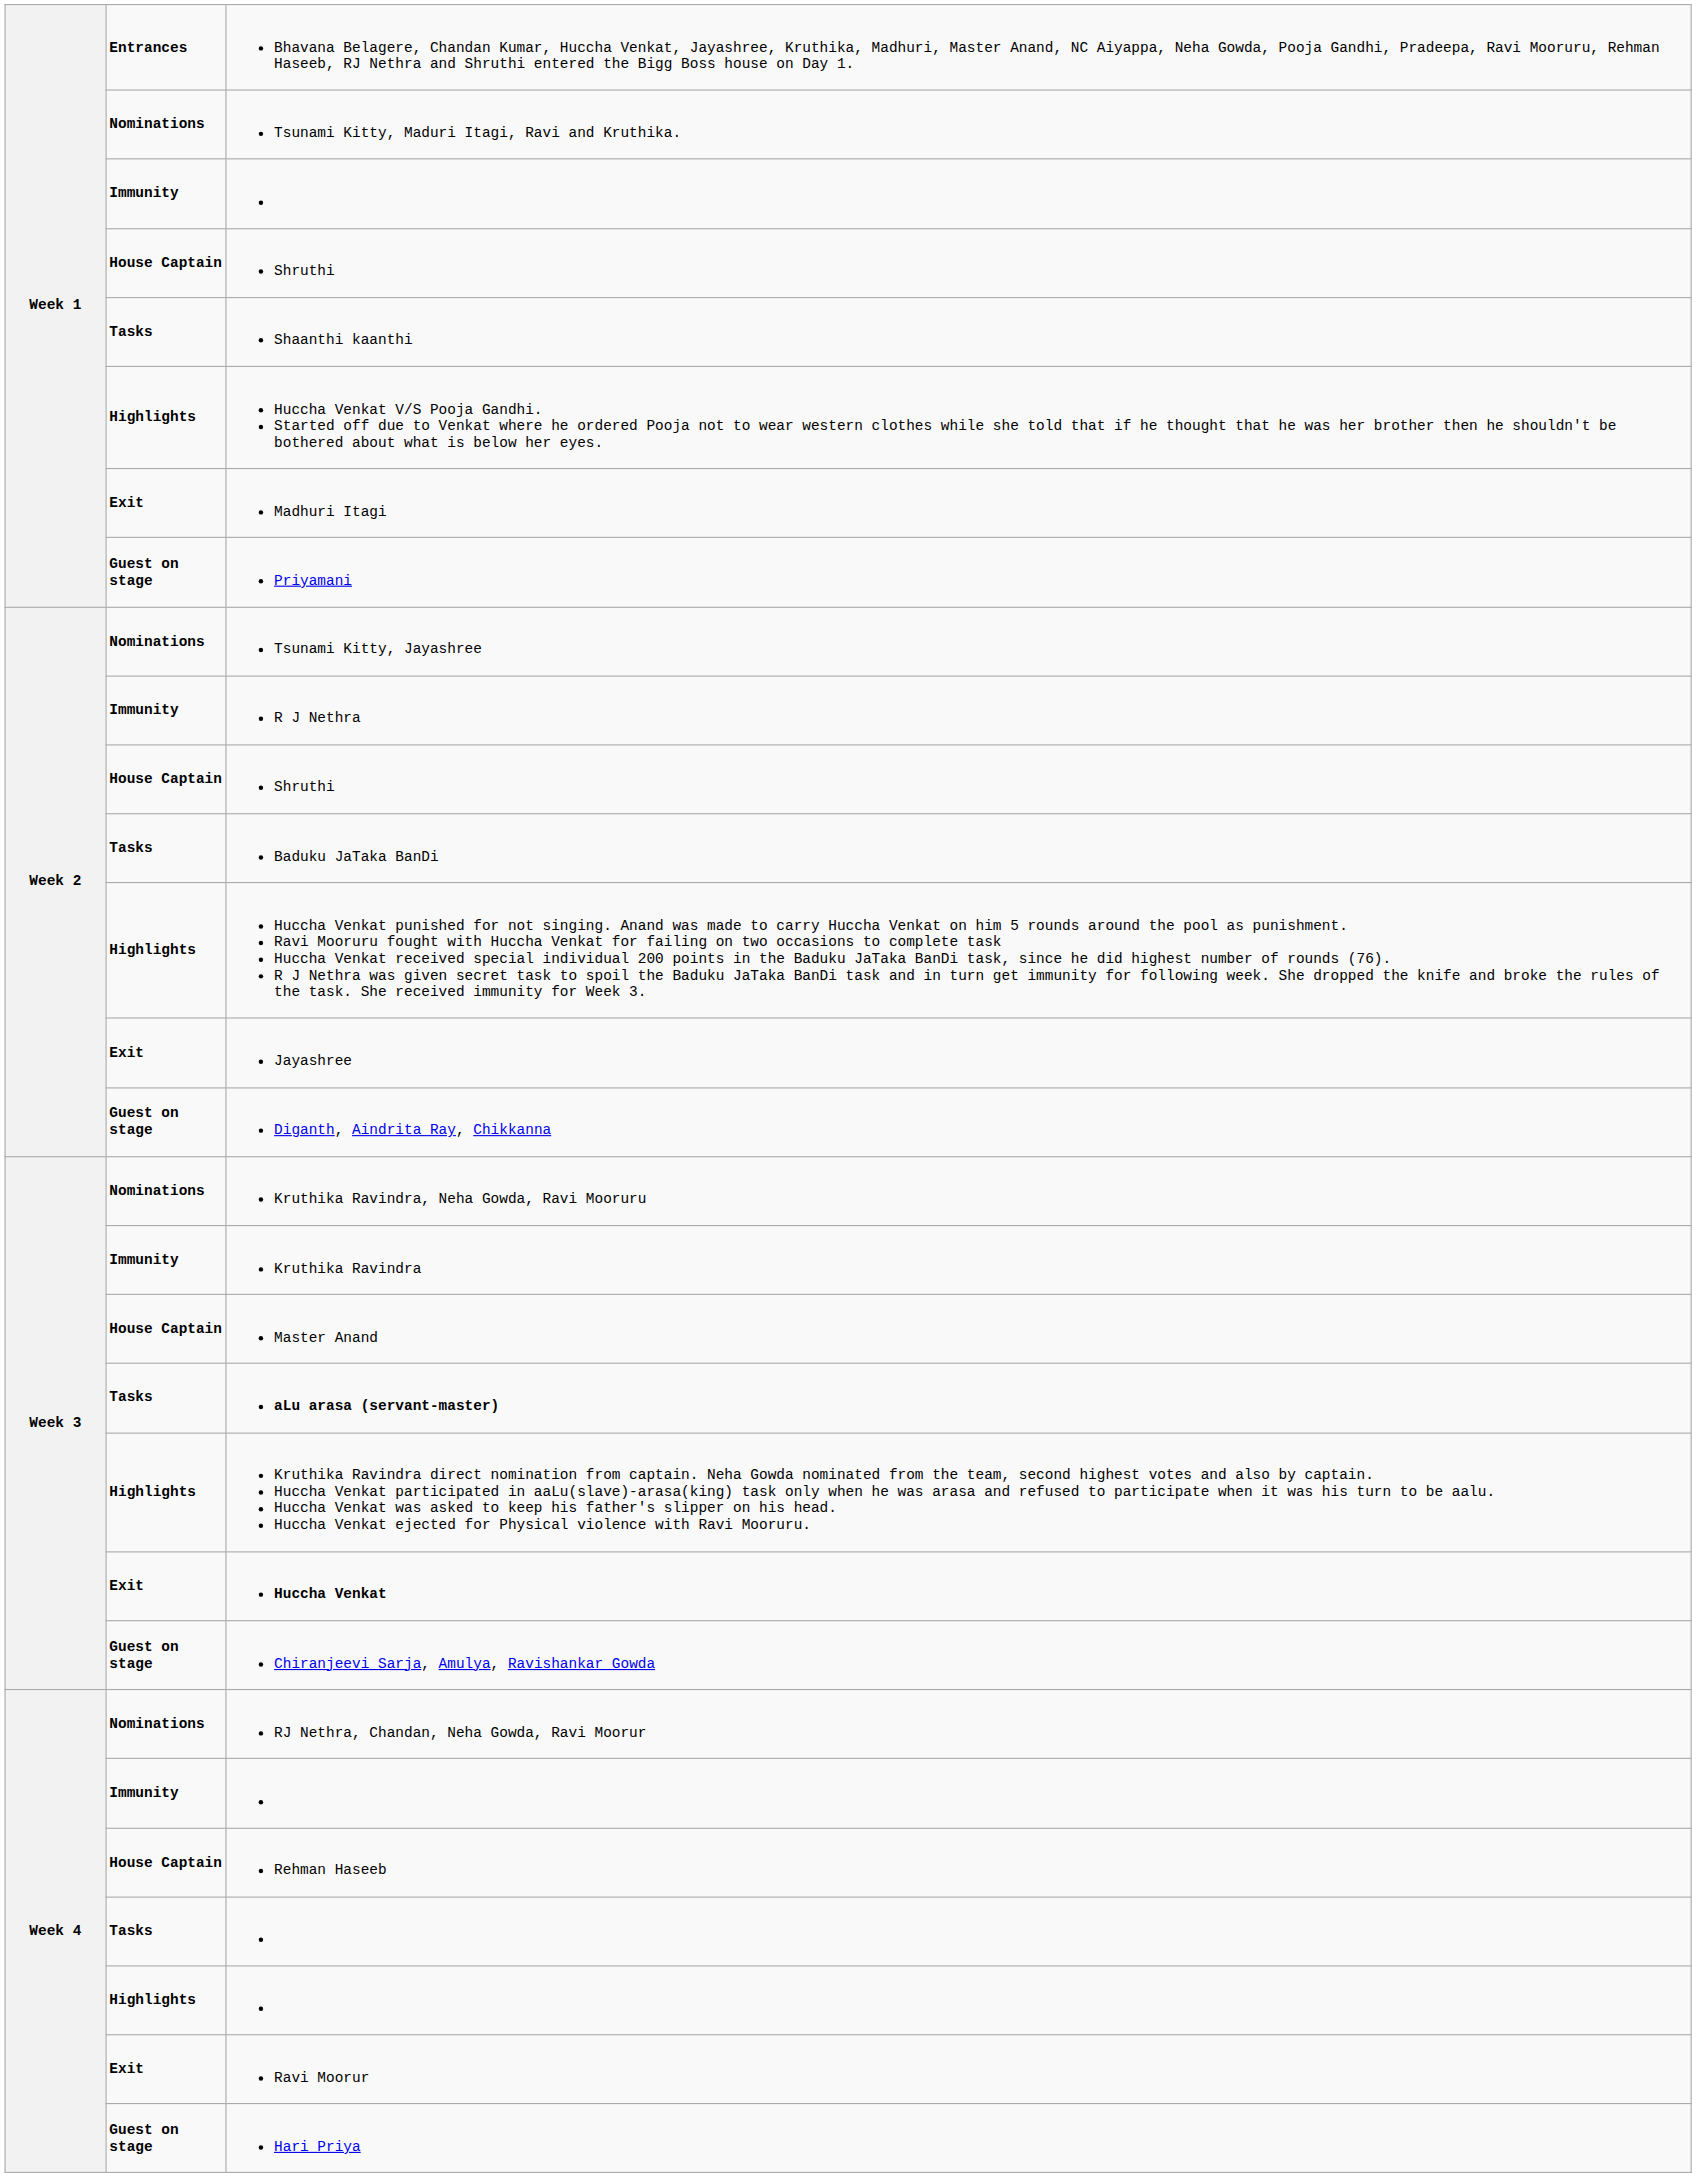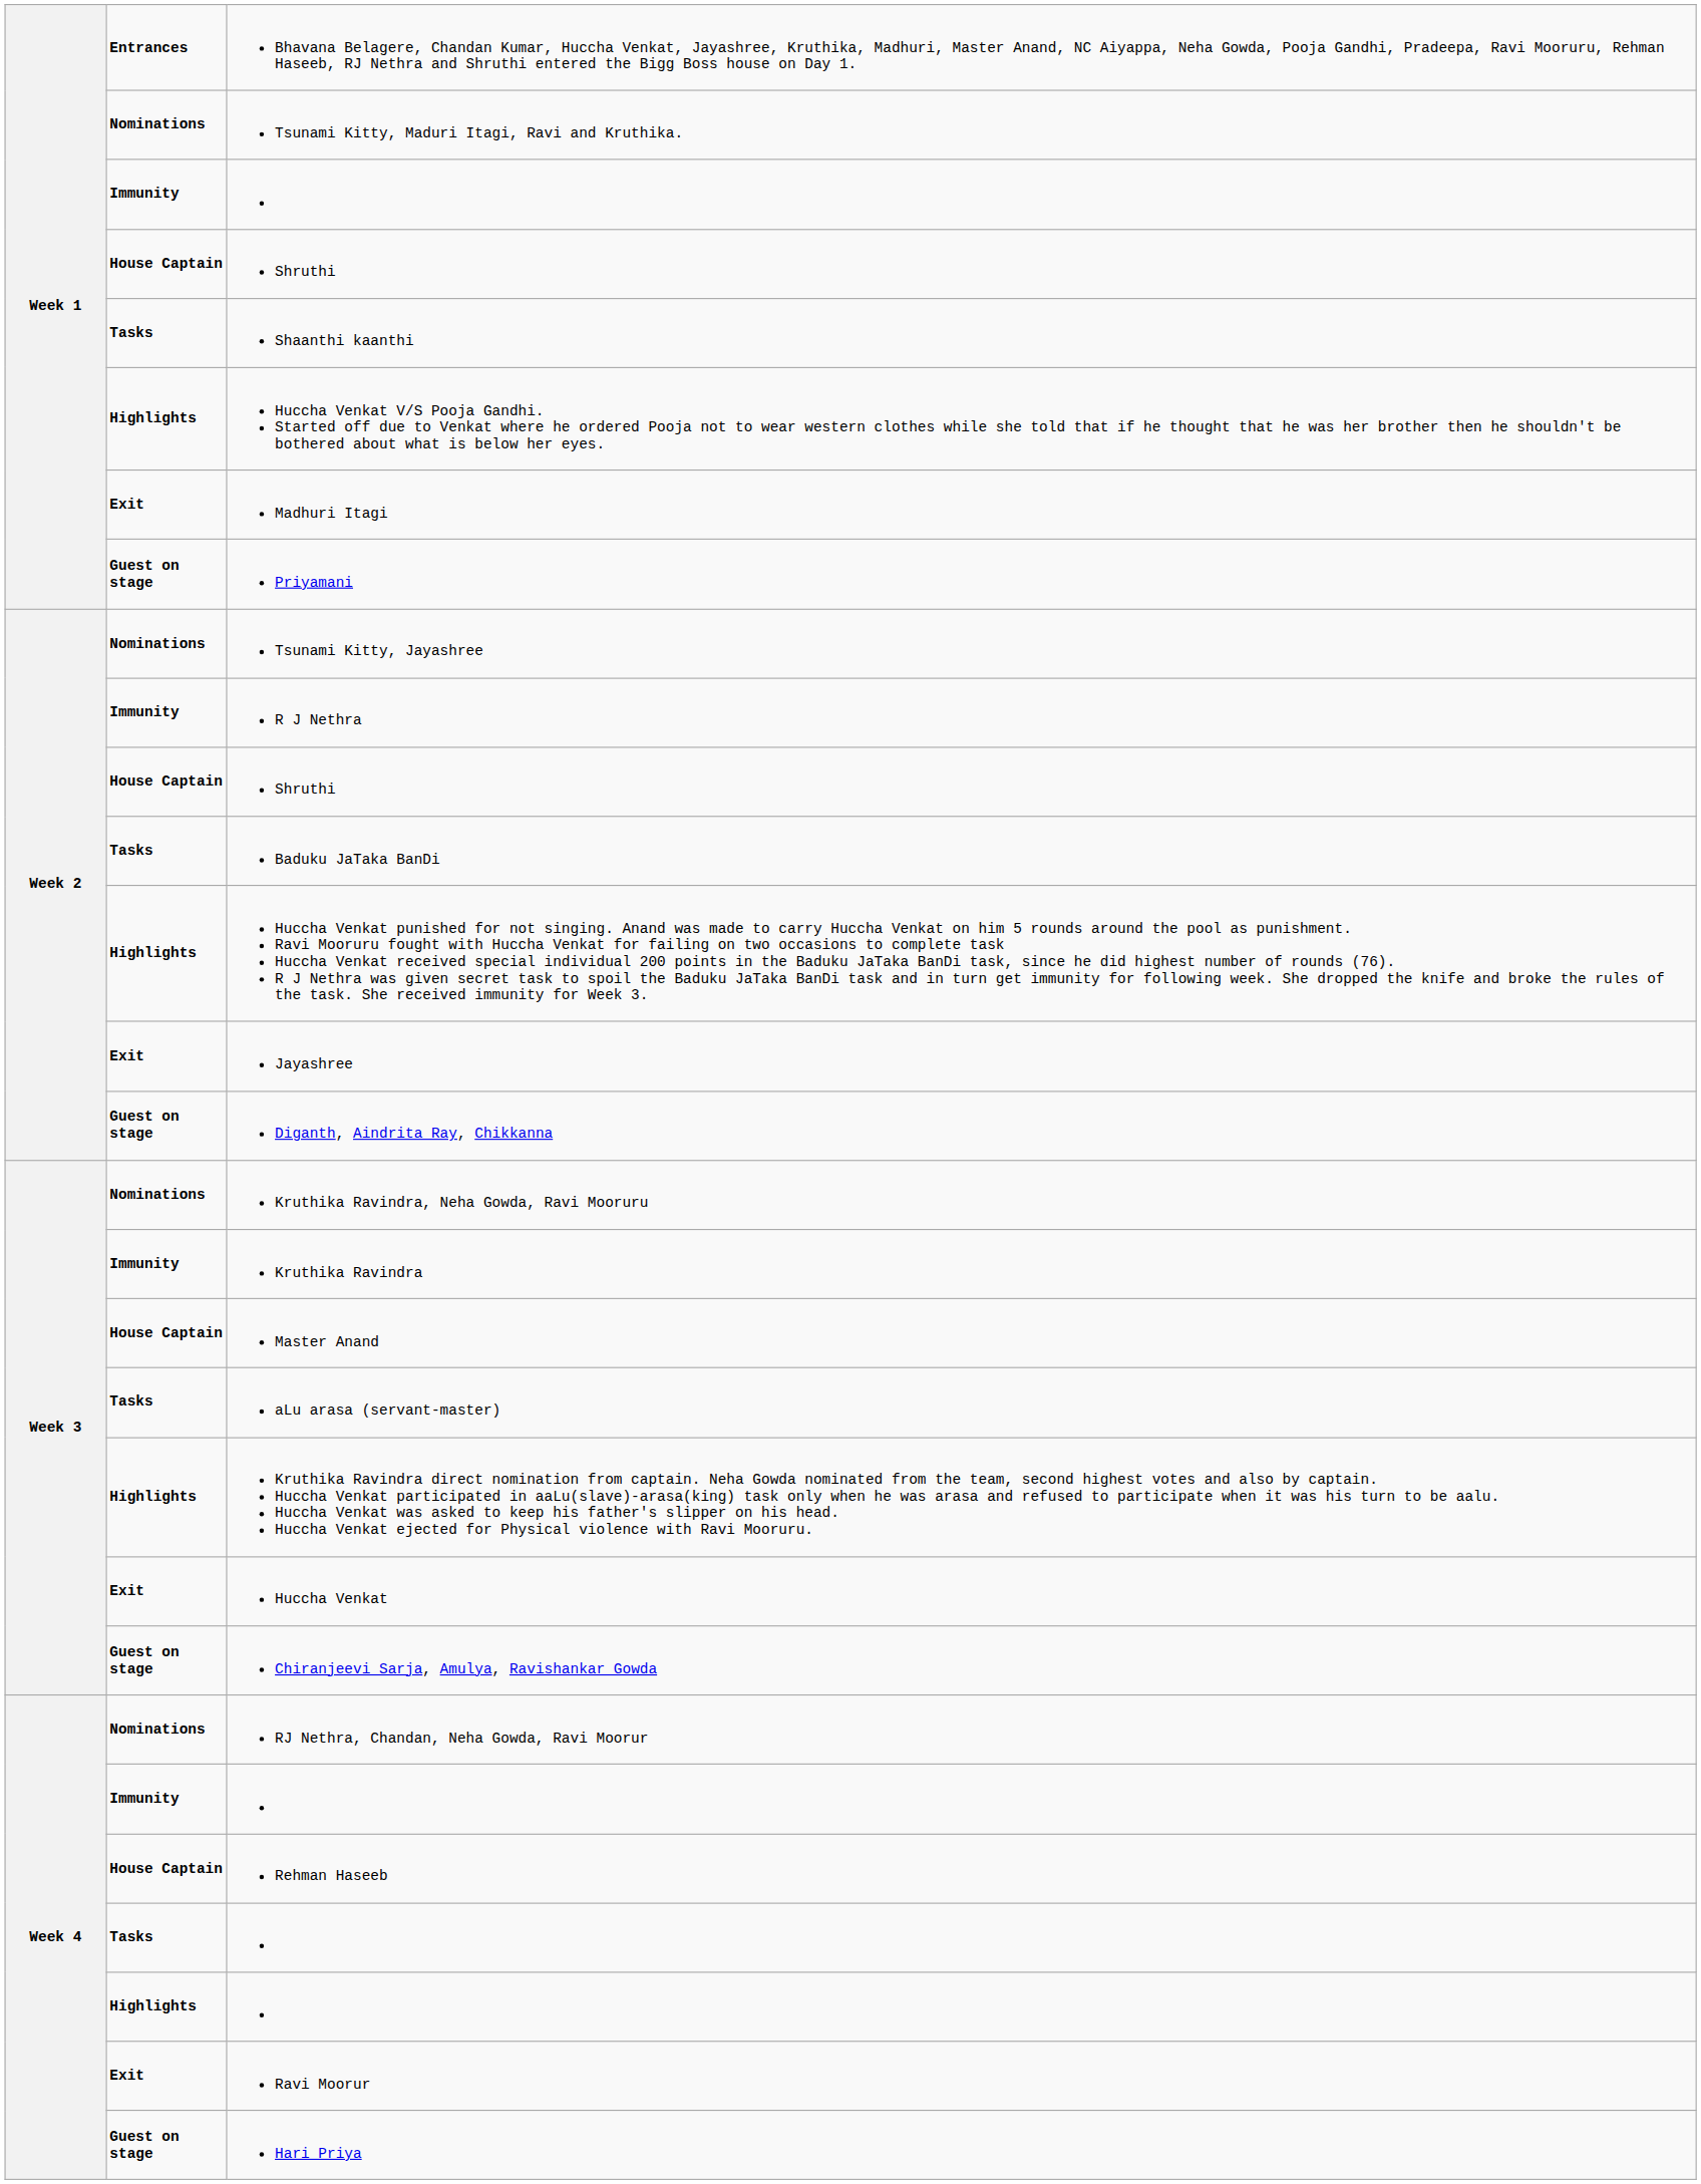 <table class="wikitable" style="width: 96%; margin-left: auto; margin-right: auto;">
 <tr>
 <th rowspan=8 style="width: 6%;"><strong>Week 1</strong></th>
 <td><strong>Entrances</strong></td>
 <td><br><ul><li>Bhavana Belagere, Chandan Kumar, Huccha Venkat, Jayashree, Kruthika, Madhuri, Master Anand, NC Aiyappa, Neha Gowda, Pooja Gandhi, Pradeepa, Ravi Mooruru, Rehman Haseeb, RJ Nethra and Shruthi entered the Bigg Boss house on Day 1.</li></ul></td>
 </tr>
 <tr>
 <td><strong>Nominations</strong></td>
 <td><br><ul><li>Tsunami Kitty, Maduri Itagi, Ravi and Kruthika.</li></ul></td>
 </tr>
 <tr>
 <td><strong>Immunity</strong></td>
 <td><br><ul><li></li></ul></td>
 </tr>
 <tr>
 <td><strong>House Captain</strong></td>
 <td><br><ul><li>Shruthi</li></ul></td>
 </tr>
 <tr>
 <td><strong>Tasks</strong></td>
 <td><br><ul><li>Shaanthi kaanthi</li></ul></td>
 </tr>
 <tr>
 <td><strong>Highlights</strong></td>
 <td><br><ul><li>Huccha Venkat V/S Pooja Gandhi.</li><li>Started off due to Venkat where he ordered Pooja not to wear western clothes while she told that if he thought that he was her brother then he shouldn't be bothered about what is below her eyes.</li></ul></td>
 </tr>
 <tr>
 <td><strong>Exit</strong></td>
 <td><br><ul><li>Madhuri Itagi</li></ul></td>
 </tr>
 <tr>
 <td><strong>Guest on stage</strong></td>
 <td><br><ul><li><a href='#'>Priyamani</a></li></ul></td>
 </tr>
 <tr>
 <th rowspan=7 style="width: 6%;"><strong>Week 2</strong></th>
 <td><strong>Nominations</strong></td>
 <td><br><ul><li>Tsunami Kitty, Jayashree</li></ul></td>
 </tr>
 <tr>
 <td><strong>Immunity</strong></td>
 <td><br><ul><li>R J Nethra</li></ul></td>
 </tr>
 <tr>
 <td><strong>House Captain</strong></td>
 <td><br><ul><li>Shruthi</li></ul></td>
 </tr>
 <tr>
 <td><strong>Tasks</strong></td>
 <td><br><ul><li>Baduku JaTaka BanDi</li></ul></td>
 </tr>
 <tr>
 <td><strong>Highlights</strong></td>
 <td><br><ul><li>Huccha Venkat punished for not singing. Anand was made to carry Huccha Venkat on him 5 rounds around the pool as punishment.</li><li>Ravi Mooruru fought with Huccha Venkat for failing on two occasions to complete task</li><li>Huccha Venkat received special individual 200 points in the Baduku JaTaka BanDi task, since he did highest number of rounds (76).</li><li>R J Nethra was given secret task to spoil the Baduku JaTaka BanDi task and in turn get immunity for following week. She dropped the knife and broke the rules of the task. She received immunity for Week 3.</li></ul></td>
 </tr>
 <tr>
 <td><strong>Exit</strong></td>
 <td><br><ul><li>Jayashree</li></ul></td>
 </tr>
 <tr>
 <td><strong>Guest on stage</strong></td>
 <td><br><ul><li><a href='#'>Diganth</a>, <a href='#'>Aindrita Ray</a>, <a href='#'>Chikkanna</a></li></ul></td>
 </tr>
 <tr>
 <th rowspan=7 style="width: 6%;"><strong>Week 3</strong></th>
 <td><strong>Nominations</strong></td>
 <td><br><ul><li>Kruthika Ravindra, Neha Gowda, Ravi Mooruru</li></ul></td>
 </tr>
 <tr>
 <td><strong>Immunity</strong></td>
 <td><br><ul><li>Kruthika Ravindra</li></ul></td>
 </tr>
 <tr>
 <td><strong>House Captain</strong></td>
 <td><br><ul><li>Master Anand</li></ul></td>
 </tr>
 <tr>
 <td><strong>Tasks</strong></td>
-<td><strong><br><ul><li>aLu arasa (servant-master)</li></ul></strong></td>
+<td><br><ul><li>aLu arasa (servant-master)</li></ul></td>
 </tr>
 <tr>
 <td><strong>Highlights</strong></td>
 <td><br><ul><li>Kruthika Ravindra direct nomination from captain. Neha Gowda nominated from the team, second highest votes and also by captain.</li><li>Huccha Venkat participated in aaLu(slave)-arasa(king) task only when he was arasa and refused to participate when it was his turn to be aalu.</li><li>Huccha Venkat was asked to keep his father's slipper on his head.</li><li>Huccha Venkat ejected for Physical violence with Ravi Mooruru.</li></ul></td>
 </tr>
 <tr>
 <td><strong>Exit</strong></td>
-<td><strong><br><ul><li>Huccha Venkat</li></ul></strong></td>
+<td><br><ul><li>Huccha Venkat</li></ul></td>
 </tr>
 <tr>
 <td><strong>Guest on stage</strong></td>
 <td><br><ul><li><a href='#'>Chiranjeevi Sarja</a>, <a href='#'>Amulya</a>, <a href='#'>Ravishankar Gowda</a></li></ul></td>
 </tr>
 <tr>
 <th rowspan=7 style="width: 6%;"><strong>Week 4</strong></th>
 <td><strong>Nominations</strong></td>
 <td><br><ul><li>RJ Nethra, Chandan, Neha Gowda, Ravi Moorur</li></ul></td>
 </tr>
 <tr>
 <td><strong>Immunity</strong></td>
 <td><br><ul><li></li></ul></td>
 </tr>
 <tr>
 <td><strong>House Captain</strong></td>
 <td><br><ul><li>Rehman Haseeb</li></ul></td>
 </tr>
 <tr>
 <td><strong>Tasks</strong></td>
 <td><br><ul><li></li></ul></td>
 </tr>
 <tr>
 <td><strong>Highlights</strong></td>
 <td><br><ul><li></li></ul></td>
 </tr>
 <tr>
 <td><strong>Exit</strong></td>
 <td><br><ul><li>Ravi Moorur</li></ul></td>
 </tr>
 <tr>
 <td><strong>Guest on stage</strong></td>
 <td><br><ul><li><a href='#'>Hari Priya</a></li></ul></td>
 </tr>
 </table>
